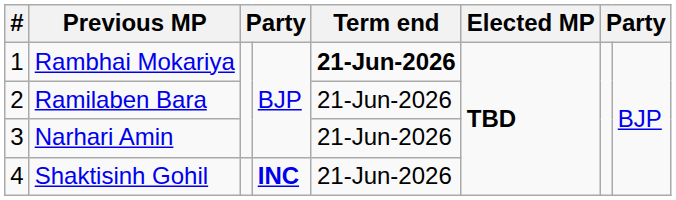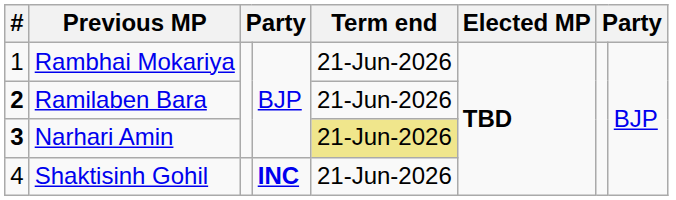 <table class="wikitable sortable">
 <tr>
 <th>#</th>
 <th>Previous MP</th>
 <th colspan="2">Party</th>
 <th>Term end</th>
 <th>Elected MP</th>
 <th colspan="2">Party</th>
 </tr>
 <tr>
 <td>1</td>
 <td><a href='#'>Rambhai Mokariya</a></td>
 <td rowspan=3></td>
 <td rowspan=3><a href='#'>BJP</a></td>
-<td><strong>21-Jun-2026</strong></td>
+<td>21-Jun-2026</td>
 <td rowspan="4"><strong>TBD</strong></td>
 <td rowspan=4></td>
 <td rowspan="4"><a href='#'>BJP</a></td>
 </tr>
 <tr>
-<td>2</td>
+<td><strong>2</strong></td>
 <td><a href='#'>Ramilaben Bara</a></td>
 <td>21-Jun-2026</td>
 </tr>
 <tr>
-<td>3</td>
+<td><strong>3</strong></td>
 <td><a href='#'>Narhari Amin</a></td>
-<td>21-Jun-2026</td>
+<td style="background: khaki;">21-Jun-2026</td>
 </tr>
 <tr>
 <td>4</td>
 <td><a href='#'>Shaktisinh Gohil</a></td>
 <td></td>
 <td><strong><a href='#'>INC</a></strong></td>
 <td>21-Jun-2026</td>
 </tr>
 </table>
